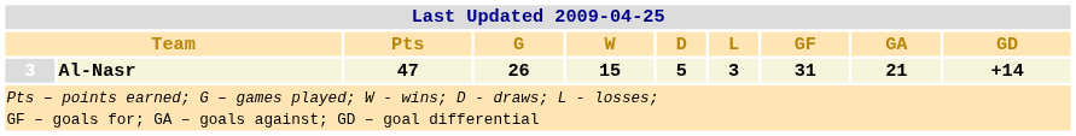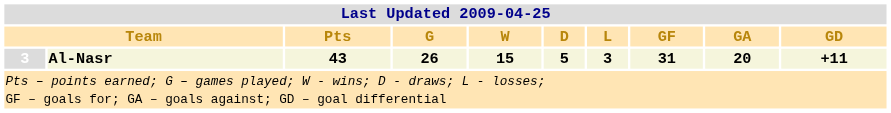 <table width=60%>
 <tr>
 <th colspan="10" bgcolor=#DCDCDC style="color:#00008B;">Last Updated 2009-04-25</th>
 </tr>
 <tr>
 <th colspan="2" bgcolor=#ffe5b4 style="color:#B8860B;">Team</th>
 <th bgcolor=#ffe5b4 align="center" style="color:#B8860B;">Pts</th>
 <th bgcolor=#ffe5b4 align="center" style="color:#B8860B;">G</th>
 <th bgcolor=#ffe5b4 align="center" style="color:#B8860B;">W</th>
 <th bgcolor=#ffe5b4 align="center" style="color:#B8860B;">D</th>
 <th bgcolor=#ffe5b4 align="center" style="color:#B8860B;">L</th>
 <th bgcolor=#ffe5b4 align="center" style="color:#B8860B;">GF</th>
 <th bgcolor=#ffe5b4 align="center" style="color:#B8860B;">GA</th>
 <th bgcolor=#ffe5b4 align="center" style="color:#B8860B;">GD</th>
 </tr>
 <tr>
 <th bgcolor=#DCDCDC align="center" style="color:white;">3</th>
 <td bgcolor=#f5f5dc><strong>Al-Nasr</strong></td>
-<td bgcolor=#f5f5dc align="center"><strong>47</strong></td>
+<td bgcolor=#f5f5dc align="center"><strong>43</strong></td>
 <td bgcolor=#f5f5dc align="center"><strong>26</strong></td>
 <td bgcolor=#f5f5dc align="center"><strong>15</strong></td>
 <td bgcolor=#f5f5dc align="center"><strong>5</strong></td>
 <td bgcolor=#f5f5dc align="center"><strong>3</strong></td>
 <td bgcolor=#f5f5dc align="center"><strong>31</strong></td>
-<td bgcolor=#f5f5dc align="center"><strong>21</strong></td>
-<td bgcolor=#f5f5dc align="center"><strong>+14</strong></td>
+<td bgcolor=#f5f5dc align="center"><strong>20</strong></td>
+<td bgcolor=#f5f5dc align="center"><strong>+11</strong></td>
 </tr>
 <tr bgcolor=#ffe5b4>
 <td colspan="10"><small><em>Pts – points earned; G – games played; W - wins; D - draws; L - losses;<br></em>GF – goals for; GA – goals against; GD – goal differential</small></td>
 </tr>
 </table>
